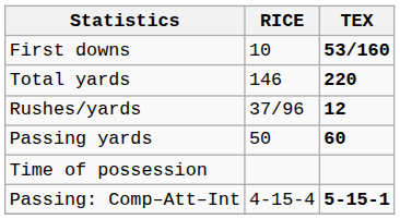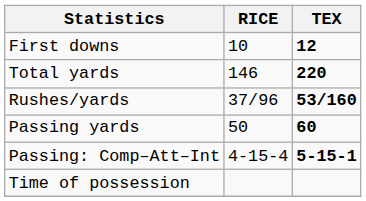 <table class="wikitable" style="float: left;">
 <tr>
 <th>Statistics</th>
 <th>RICE</th>
 <th>TEX</th>
 </tr>
 <tr>
 <td>First downs</td>
 <td>10</td>
-<td><strong>53/160</strong></td>
+<td><strong>12</strong></td>
 </tr>
 <tr>
 <td>Total yards</td>
 <td>146</td>
 <td><strong>220</strong></td>
 </tr>
 <tr>
 <td>Rushes/yards</td>
 <td>37/96</td>
-<td><strong>12</strong></td>
+<td><strong>53/160</strong></td>
 </tr>
 <tr>
 <td>Passing yards</td>
 <td>50</td>
 <td><strong>60</strong></td>
 </tr>
 <tr>
+<td>Passing: Comp–Att–Int</td>
+<td>4-15-4</td>
+<td><strong>5-15-1</strong></td>
+</tr>
+<tr>
 <td>Time of possession</td>
 <td></td>
 <td></td>
 </tr>
 <tr>
-<td>Passing: Comp–Att–Int</td>
-<td>4-15-4</td>
-<td><strong>5-15-1</strong></td>
-</tr>
-<tr>
 </tr>
 </table>
